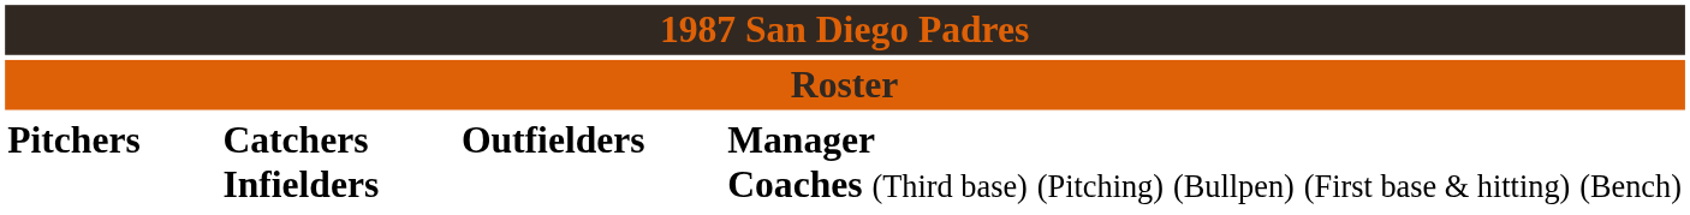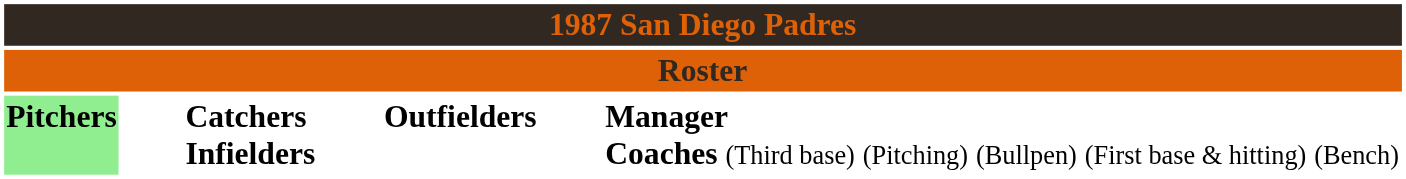 <table class="toccolours" style="font-size: 95%;">
 <tr>
 <th colspan="10" style="background-color: #312821; color: #de6108; text-align: center;">1987 San Diego Padres</th>
 </tr>
 <tr>
 <td colspan="10" style="background-color: #de6108; color: #312821; text-align: center;"><strong>Roster</strong></td>
 </tr>
 <tr>
-<td valign="top"><strong>Pitchers</strong><br>                 </td>
+<td valign="top" style="background: lightgreen;"><strong>Pitchers</strong><br>                 </td>
 <td width="25px"></td>
 <td valign="top"><strong>Catchers</strong><br>   <strong>Infielders</strong>          </td>
 <td width="25px"></td>
 <td valign="top"><strong>Outfielders</strong><br>       </td>
 <td width="25px"></td>
 <td valign="top"><strong>Manager</strong><br> <strong>Coaches</strong>  <small>(Third base)</small>  <small>(Pitching)</small>  <small>(Bullpen)</small>  <small>(First base & hitting)</small>  <small>(Bench)</small></td>
 </tr>
 </table>
